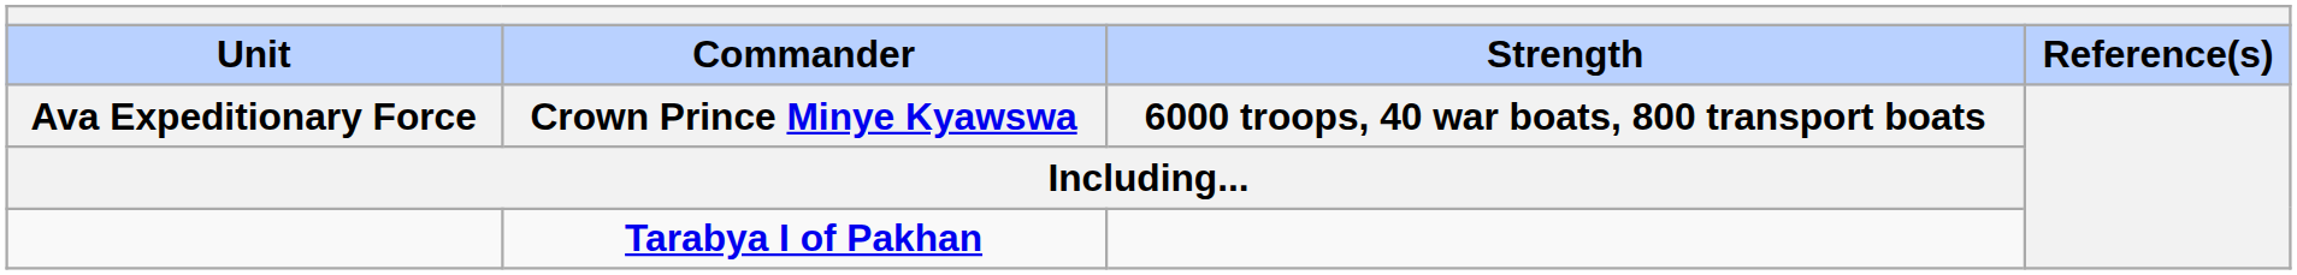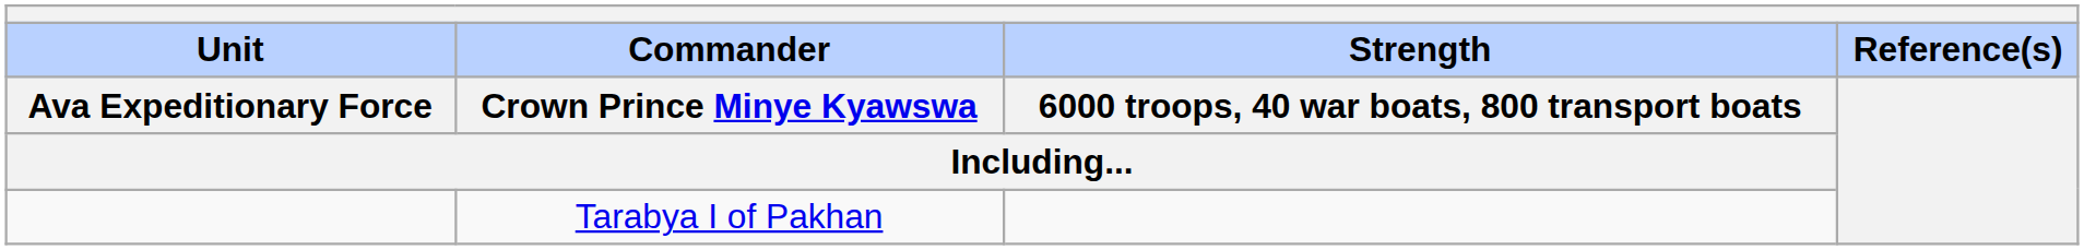 <table class="wikitable collapsible" style="min-width:60em; margin:0.3em auto; font-size:88%;">
 <tr>
 <th colspan=5></th>
 </tr>
 <tr>
 <th style="background-color:#B9D1FF">Unit</th>
 <th style="background-color:#B9D1FF">Commander</th>
 <th style="background-color:#B9D1FF">Strength</th>
 <th style="background-color:#B9D1FF">Reference(s)</th>
 </tr>
 <tr>
 <th colspan="1">Ava Expeditionary Force</th>
 <th colspan="1">Crown Prince <a href='#'>Minye Kyawswa</a></th>
 <th colspan="1">6000 troops, 40 war boats, 800 transport boats</th>
 <th rowspan="3"></th>
 </tr>
 <tr>
 <th colspan="4">Including...</th>
 </tr>
 <tr>
 <td align="center"></td>
-<td align="center"><strong><a href='#'>Tarabya I of Pakhan</a></strong></td>
+<td align="center"><a href='#'>Tarabya I of Pakhan</a></td>
 <td align="center"></td>
 </tr>
 </table>
